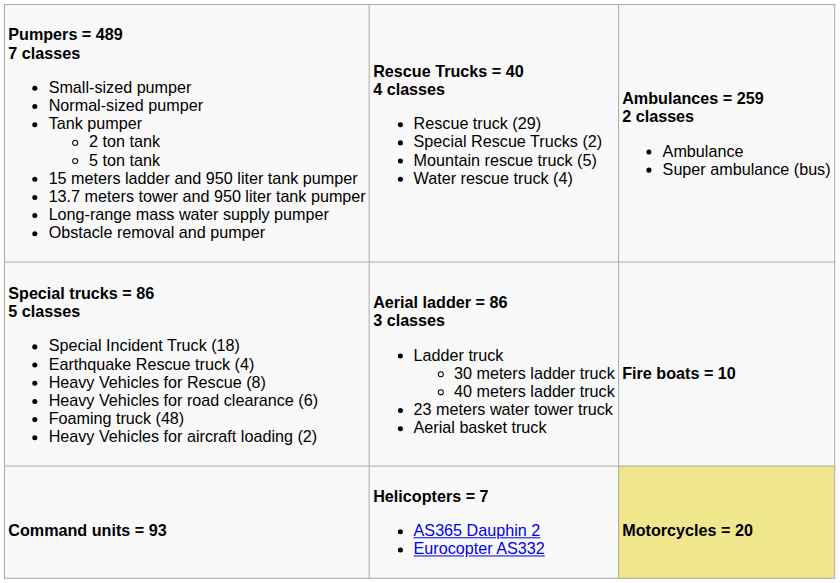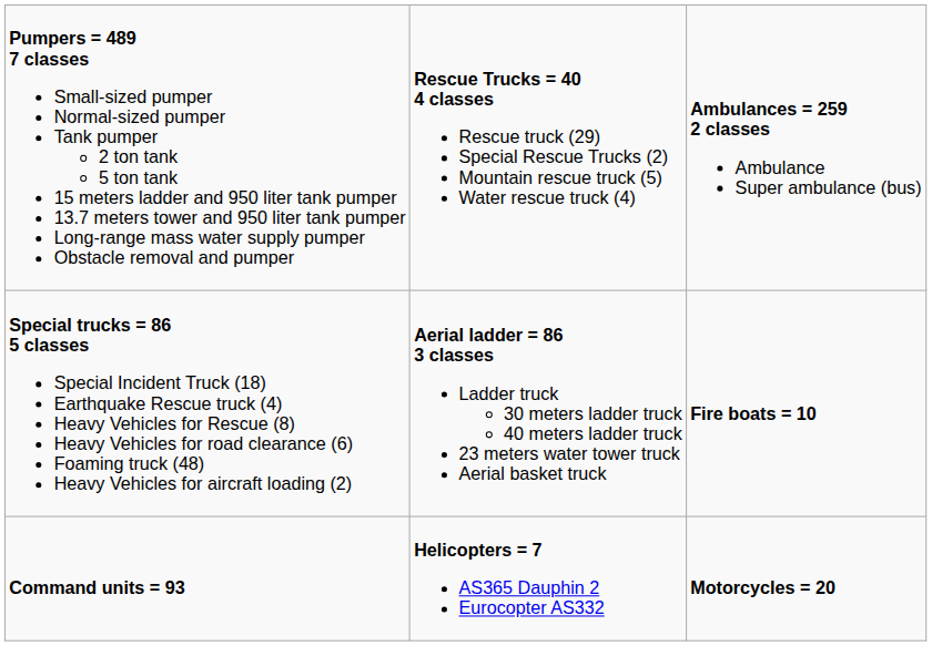 <table class="wikitable">
 <tr>
 <td><br><strong>Pumpers = 489  </strong><br> <strong>7 classes</strong><ul><li>Small-sized pumper</li><li>Normal-sized pumper</li><li>Tank pumper<ul><li>2 ton tank</li><li>5 ton tank</li></ul></li><li>15 meters ladder and 950 liter tank pumper</li><li>13.7 meters tower and 950 liter tank pumper</li><li>Long-range mass water supply pumper</li><li>Obstacle removal and pumper</li></ul></td>
 <td><br><strong>Rescue Trucks = 40</strong><br> <strong>4 classes</strong><ul><li>Rescue truck (29)</li><li>Special Rescue Trucks (2)</li><li>Mountain rescue truck (5)</li><li>Water rescue truck (4)</li></ul><br></td>
 <td><br><strong>Ambulances = 259  </strong><br> <strong>2 classes</strong><ul><li>Ambulance</li><li>Super ambulance (bus)</li></ul></td>
 </tr>
 <tr>
 <td><br><strong>Special trucks = 86</strong><br> <strong>5 classes</strong><ul><li>Special Incident Truck (18)</li><li>Earthquake Rescue truck (4)</li><li>Heavy Vehicles for Rescue (8)</li><li>Heavy Vehicles for road clearance (6)</li><li>Foaming truck (48)</li><li>Heavy Vehicles for aircraft loading (2)</li></ul></td>
 <td><br><strong>Aerial ladder = 86  </strong><br> <strong>3 classes</strong><ul><li>Ladder truck<ul><li>30 meters ladder truck</li><li>40 meters ladder truck</li></ul></li><li>23 meters water tower truck</li><li>Aerial basket truck</li></ul></td>
 <td><br><strong>Fire boats = 10</strong></td>
 </tr>
 <tr>
 <td><br><strong>Command units = 93</strong></td>
 <td><br><strong>Helicopters   = 7</strong><ul><li><a href='#'>AS365 Dauphin 2</a></li><li><a href='#'>Eurocopter AS332</a></li></ul></td>
-<td style="background: khaki;"><br><strong>Motorcycles   = 20</strong></td>
+<td><br><strong>Motorcycles   = 20</strong></td>
 </tr>
 </table>
